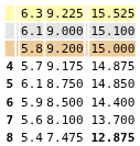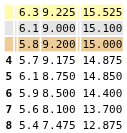 <table>
 <tr style="background:#fffcaf;">
 <td></td>
 <td align=left></td>
 <td>6.3</td>
 <td>9.225</td>
 <td></td>
 <td>15.525</td>
 </tr>
 <tr style="background:#e5e5e5;">
 <td></td>
 <td align=left></td>
 <td>6.1</td>
 <td>9.000</td>
 <td></td>
 <td>15.100</td>
 </tr>
 <tr style="background:#ec9;">
 <td></td>
 <td align=left></td>
 <td>5.8</td>
 <td>9.200</td>
 <td></td>
 <td>15.000</td>
 </tr>
 <tr>
 <th><strong>4</strong></th>
 <td align=left></td>
 <td>5.7</td>
 <td>9.175</td>
 <td></td>
 <td>14.875</td>
 </tr>
 <tr>
 <th><strong>5</strong></th>
 <td align=left></td>
 <td>6.1</td>
 <td>8.750</td>
 <td></td>
 <td>14.850</td>
 </tr>
 <tr>
 <th><strong>6</strong></th>
 <td align=left></td>
 <td>5.9</td>
 <td>8.500</td>
 <td></td>
 <td>14.400</td>
 </tr>
 <tr>
 <th><strong>7</strong></th>
 <td align=left></td>
 <td>5.6</td>
 <td>8.100</td>
 <td></td>
 <td>13.700</td>
 </tr>
 <tr>
 <th><strong>8</strong></th>
 <td align=left></td>
 <td>5.4</td>
 <td>7.475</td>
 <td></td>
-<td><strong>12.875</strong></td>
+<td>12.875</td>
 </tr>
 </table>
